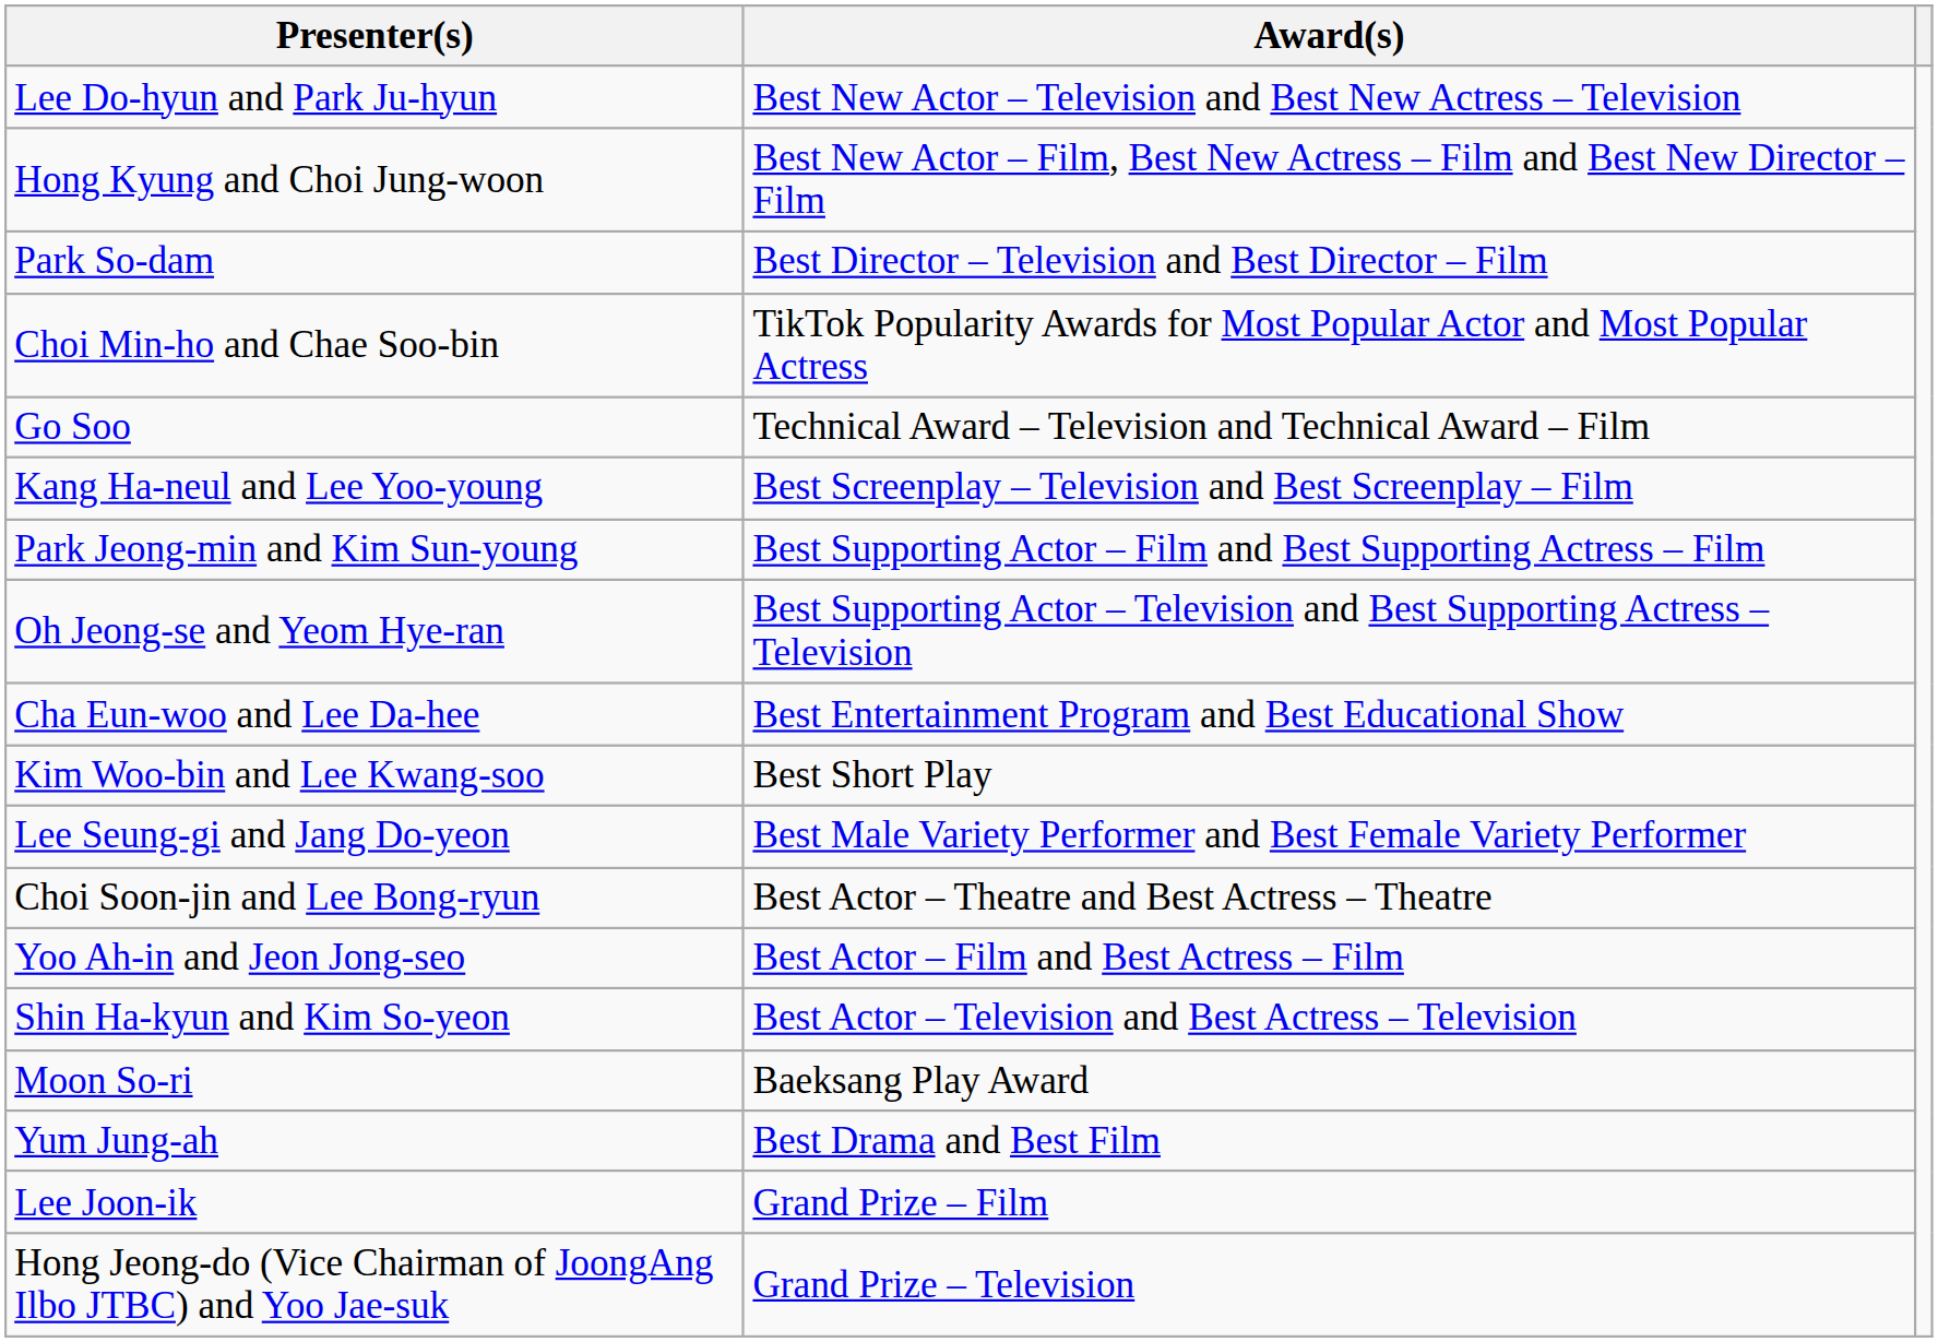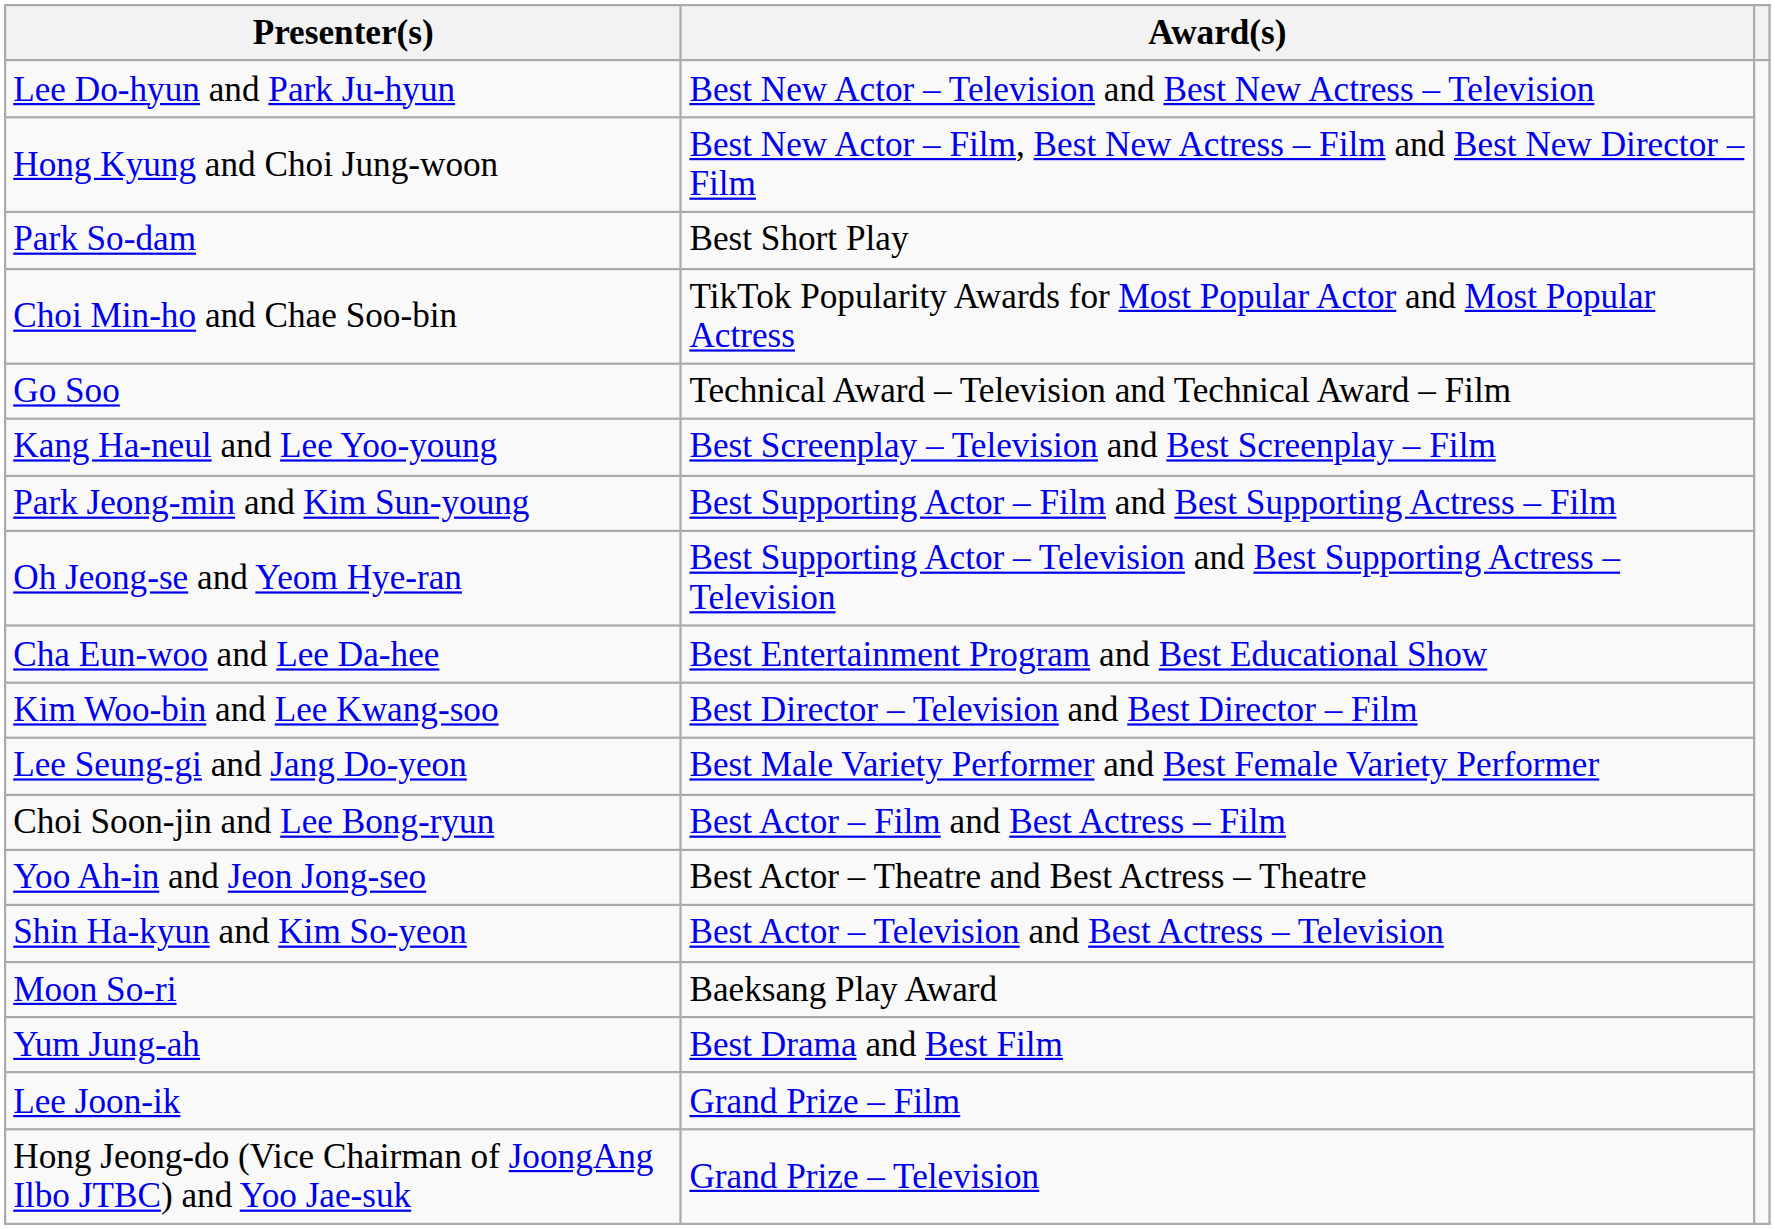 <table class="wikitable sortable">
 <tr>
 <th scope="col" style="width:300px">Presenter(s)</th>
 <th scope="col" style="width:480px">Award(s)</th>
 <th scope="col" class="unsortable"></th>
 </tr>
 <tr>
 <td><a href='#'>Lee Do-hyun</a> and <a href='#'>Park Ju-hyun</a></td>
 <td><a href='#'>Best New Actor – Television</a> and  <a href='#'>Best New Actress – Television</a></td>
 <td rowspan="18"  style="text-align:center"></td>
 </tr>
 <tr>
 <td><a href='#'>Hong Kyung</a> and Choi Jung-woon</td>
 <td><a href='#'>Best New Actor – Film</a>, <a href='#'>Best New Actress – Film</a> and <a href='#'>Best New Director – Film</a></td>
 </tr>
 <tr>
 <td><a href='#'>Park So-dam</a></td>
-<td><a href='#'>Best Director – Television</a> and <a href='#'>Best Director – Film</a></td>
+<td>Best Short Play</td>
 </tr>
 <tr>
 <td><a href='#'>Choi Min-ho</a> and Chae Soo-bin</td>
 <td>TikTok Popularity Awards for <a href='#'>Most Popular Actor</a> and <a href='#'>Most Popular Actress</a></td>
 </tr>
 <tr>
 <td><a href='#'>Go Soo</a></td>
 <td>Technical Award – Television and Technical Award – Film</td>
 </tr>
 <tr>
 <td><a href='#'>Kang Ha-neul</a> and <a href='#'>Lee Yoo-young</a></td>
 <td><a href='#'>Best Screenplay – Television</a> and <a href='#'>Best Screenplay – Film</a></td>
 </tr>
 <tr>
 <td><a href='#'>Park Jeong-min</a> and <a href='#'>Kim Sun-young</a></td>
 <td><a href='#'>Best Supporting Actor – Film</a> and  <a href='#'>Best Supporting Actress – Film</a></td>
 </tr>
 <tr>
 <td><a href='#'>Oh Jeong-se</a> and <a href='#'>Yeom Hye-ran</a></td>
 <td><a href='#'>Best Supporting Actor – Television</a> and  <a href='#'>Best Supporting Actress – Television</a></td>
 </tr>
 <tr>
 <td><a href='#'>Cha Eun-woo</a> and <a href='#'>Lee Da-hee</a></td>
 <td><a href='#'>Best Entertainment Program</a> and <a href='#'>Best Educational Show</a></td>
 </tr>
 <tr>
 <td><a href='#'>Kim Woo-bin</a> and <a href='#'>Lee Kwang-soo</a></td>
-<td>Best Short Play</td>
+<td><a href='#'>Best Director – Television</a> and <a href='#'>Best Director – Film</a></td>
 </tr>
 <tr>
 <td><a href='#'>Lee Seung-gi</a> and <a href='#'>Jang Do-yeon</a></td>
 <td><a href='#'>Best Male Variety Performer</a> and <a href='#'>Best Female Variety Performer</a></td>
 </tr>
 <tr>
 <td>Choi Soon-jin and <a href='#'>Lee Bong-ryun</a></td>
-<td>Best Actor – Theatre and Best Actress – Theatre</td>
+<td><a href='#'>Best Actor – Film</a> and <a href='#'>Best Actress – Film</a></td>
 </tr>
 <tr>
 <td><a href='#'>Yoo Ah-in</a> and <a href='#'>Jeon Jong-seo</a></td>
-<td><a href='#'>Best Actor – Film</a> and <a href='#'>Best Actress – Film</a></td>
+<td>Best Actor – Theatre and Best Actress – Theatre</td>
 </tr>
 <tr>
 <td><a href='#'>Shin Ha-kyun</a> and <a href='#'>Kim So-yeon</a></td>
 <td><a href='#'>Best Actor – Television</a> and <a href='#'>Best Actress – Television</a></td>
 </tr>
 <tr>
 <td><a href='#'>Moon So-ri</a></td>
 <td>Baeksang Play Award</td>
 </tr>
 <tr>
 <td><a href='#'>Yum Jung-ah</a></td>
 <td><a href='#'>Best Drama</a> and <a href='#'>Best Film</a></td>
 </tr>
 <tr>
 <td><a href='#'>Lee Joon-ik</a></td>
 <td><a href='#'>Grand Prize – Film</a></td>
 </tr>
 <tr>
 <td>Hong Jeong-do (Vice Chairman of <a href='#'>JoongAng Ilbo JTBC</a>) and <a href='#'>Yoo Jae-suk</a></td>
 <td><a href='#'>Grand Prize – Television</a></td>
 </tr>
 </table>
